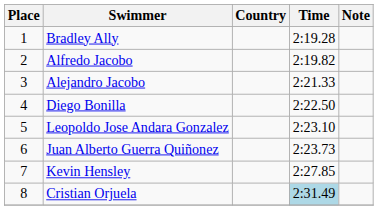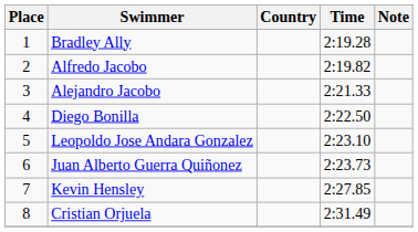 <table class="wikitable" style="text-align:center">
 <tr>
 <th>Place</th>
 <th>Swimmer</th>
 <th>Country</th>
 <th>Time</th>
 <th>Note</th>
 </tr>
 <tr>
 <td>1</td>
 <td align=left><a href='#'>Bradley Ally</a></td>
 <td align=left></td>
 <td>2:19.28</td>
 <td></td>
 </tr>
 <tr>
 <td>2</td>
 <td align=left><a href='#'>Alfredo Jacobo</a></td>
 <td align=left></td>
 <td>2:19.82</td>
 <td></td>
 </tr>
 <tr>
 <td>3</td>
 <td align=left><a href='#'>Alejandro Jacobo</a></td>
 <td align=left></td>
 <td>2:21.33</td>
 <td></td>
 </tr>
 <tr>
 <td>4</td>
 <td align=left><a href='#'>Diego Bonilla</a></td>
 <td align=left></td>
 <td>2:22.50</td>
 <td></td>
 </tr>
 <tr>
 <td>5</td>
 <td align=left><a href='#'>Leopoldo Jose Andara Gonzalez</a></td>
 <td align=left></td>
 <td>2:23.10</td>
 <td></td>
 </tr>
 <tr>
 <td>6</td>
 <td align=left><a href='#'>Juan Alberto Guerra Quiñonez</a></td>
 <td align=left></td>
 <td>2:23.73</td>
 <td></td>
 </tr>
 <tr>
 <td>7</td>
 <td align=left><a href='#'>Kevin Hensley</a></td>
 <td align=left></td>
 <td>2:27.85</td>
 <td></td>
 </tr>
 <tr>
 <td>8</td>
 <td align=left><a href='#'>Cristian Orjuela</a></td>
 <td align=left></td>
-<td style="background: lightblue;">2:31.49</td>
+<td>2:31.49</td>
 <td></td>
 </tr>
 <tr>
 </tr>
 </table>
